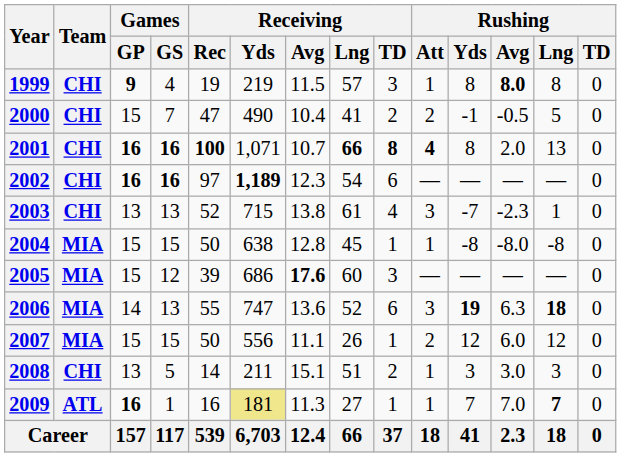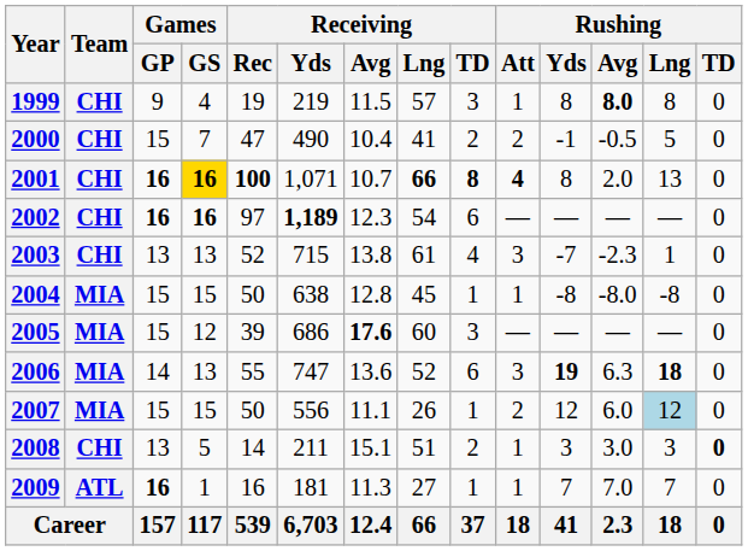 <table class="wikitable" style="text-align:center;">
 <tr>
 <th rowspan="2">Year</th>
 <th rowspan="2">Team</th>
 <th colspan="2">Games</th>
 <th colspan="5">Receiving</th>
 <th colspan="5">Rushing</th>
 </tr>
 <tr>
 <th>GP</th>
 <th>GS</th>
 <th>Rec</th>
 <th>Yds</th>
 <th>Avg</th>
 <th>Lng</th>
 <th>TD</th>
 <th>Att</th>
 <th>Yds</th>
 <th>Avg</th>
 <th>Lng</th>
 <th>TD</th>
 </tr>
 <tr>
 <th><a href='#'>1999</a></th>
 <th><a href='#'>CHI</a></th>
-<td><strong>9</strong></td>
+<td>9</td>
 <td>4</td>
 <td>19</td>
 <td>219</td>
 <td>11.5</td>
 <td>57</td>
 <td>3</td>
 <td>1</td>
 <td>8</td>
 <td><strong>8.0</strong></td>
 <td>8</td>
 <td>0</td>
 </tr>
 <tr>
 <th><a href='#'>2000</a></th>
 <th><a href='#'>CHI</a></th>
 <td>15</td>
 <td>7</td>
 <td>47</td>
 <td>490</td>
 <td>10.4</td>
 <td>41</td>
 <td>2</td>
 <td>2</td>
 <td>-1</td>
 <td>-0.5</td>
 <td>5</td>
 <td>0</td>
 </tr>
 <tr>
 <th><a href='#'>2001</a></th>
 <th><a href='#'>CHI</a></th>
 <td><strong>16</strong></td>
-<td><strong>16</strong></td>
+<td style="background: gold;"><strong>16</strong></td>
 <td><strong>100</strong></td>
 <td>1,071</td>
 <td>10.7</td>
 <td><strong>66</strong></td>
 <td><strong>8</strong></td>
 <td><strong>4</strong></td>
 <td>8</td>
 <td>2.0</td>
 <td>13</td>
 <td>0</td>
 </tr>
 <tr>
 <th><a href='#'>2002</a></th>
 <th><a href='#'>CHI</a></th>
 <td><strong>16</strong></td>
 <td><strong>16</strong></td>
 <td>97</td>
 <td><strong>1,189</strong></td>
 <td>12.3</td>
 <td>54</td>
 <td>6</td>
 <td>—</td>
 <td>—</td>
 <td>—</td>
 <td>—</td>
 <td>0</td>
 </tr>
 <tr>
 <th><a href='#'>2003</a></th>
 <th><a href='#'>CHI</a></th>
 <td>13</td>
 <td>13</td>
 <td>52</td>
 <td>715</td>
 <td>13.8</td>
 <td>61</td>
 <td>4</td>
 <td>3</td>
 <td>-7</td>
 <td>-2.3</td>
 <td>1</td>
 <td>0</td>
 </tr>
 <tr>
 <th><a href='#'>2004</a></th>
 <th><a href='#'>MIA</a></th>
 <td>15</td>
 <td>15</td>
 <td>50</td>
 <td>638</td>
 <td>12.8</td>
 <td>45</td>
 <td>1</td>
 <td>1</td>
 <td>-8</td>
 <td>-8.0</td>
 <td>-8</td>
 <td>0</td>
 </tr>
 <tr>
 <th><a href='#'>2005</a></th>
 <th><a href='#'>MIA</a></th>
 <td>15</td>
 <td>12</td>
 <td>39</td>
 <td>686</td>
 <td><strong>17.6</strong></td>
 <td>60</td>
 <td>3</td>
 <td>—</td>
 <td>—</td>
 <td>—</td>
 <td>—</td>
 <td>0</td>
 </tr>
 <tr>
 <th><a href='#'>2006</a></th>
 <th><a href='#'>MIA</a></th>
 <td>14</td>
 <td>13</td>
 <td>55</td>
 <td>747</td>
 <td>13.6</td>
 <td>52</td>
 <td>6</td>
 <td>3</td>
 <td><strong>19</strong></td>
 <td>6.3</td>
 <td><strong>18</strong></td>
 <td>0</td>
 </tr>
 <tr>
 <th><a href='#'>2007</a></th>
 <th><a href='#'>MIA</a></th>
 <td>15</td>
 <td>15</td>
 <td>50</td>
 <td>556</td>
 <td>11.1</td>
 <td>26</td>
 <td>1</td>
 <td>2</td>
 <td>12</td>
 <td>6.0</td>
-<td>12</td>
+<td style="background: lightblue;">12</td>
 <td>0</td>
 </tr>
 <tr>
 <th><a href='#'>2008</a></th>
 <th><a href='#'>CHI</a></th>
 <td>13</td>
 <td>5</td>
 <td>14</td>
 <td>211</td>
 <td>15.1</td>
 <td>51</td>
 <td>2</td>
 <td>1</td>
 <td>3</td>
 <td>3.0</td>
 <td>3</td>
-<td>0</td>
+<td><strong>0</strong></td>
 </tr>
 <tr>
 <th><a href='#'>2009</a></th>
 <th><a href='#'>ATL</a></th>
 <td><strong>16</strong></td>
 <td>1</td>
 <td>16</td>
-<td style="background: khaki;">181</td>
+<td>181</td>
 <td>11.3</td>
 <td>27</td>
 <td>1</td>
 <td>1</td>
 <td>7</td>
 <td>7.0</td>
-<td><strong>7</strong></td>
+<td>7</td>
 <td>0</td>
 </tr>
 <tr>
 <th colspan="2">Career</th>
 <th>157</th>
 <th>117</th>
 <th>539</th>
 <th>6,703</th>
 <th>12.4</th>
 <th>66</th>
 <th>37</th>
 <th>18</th>
 <th>41</th>
 <th>2.3</th>
 <th>18</th>
 <th>0</th>
 </tr>
 </table>
